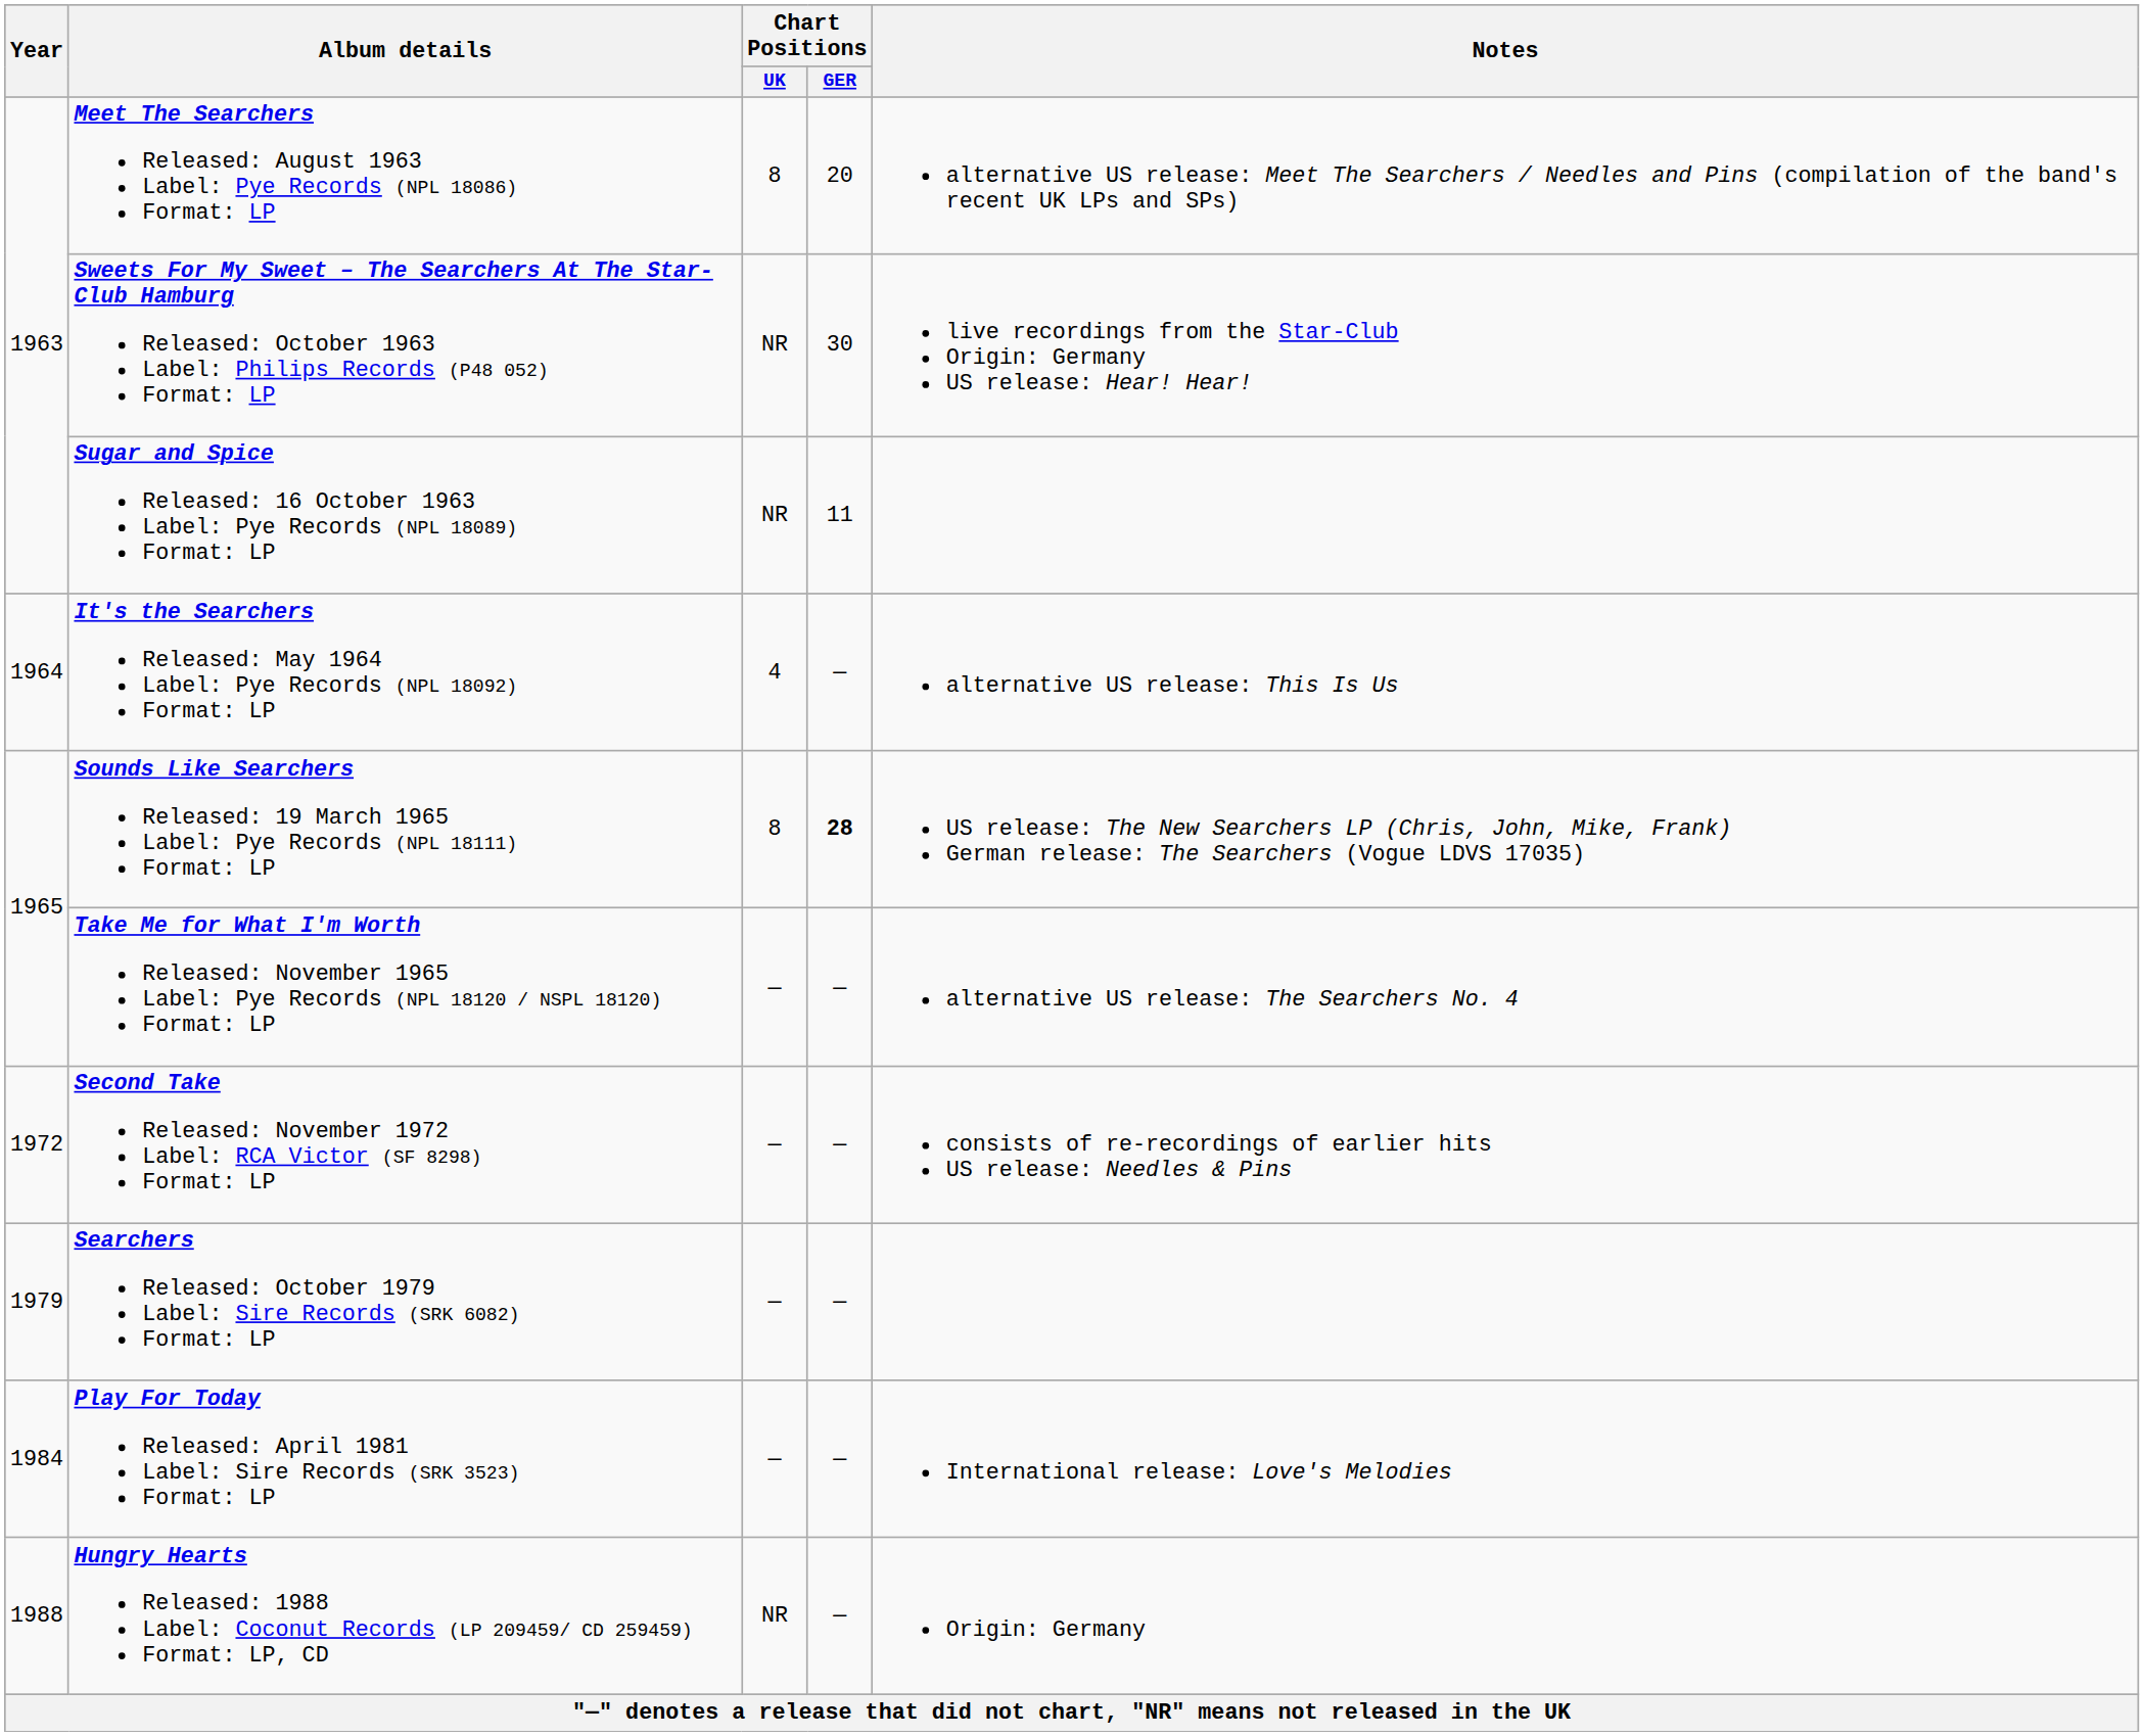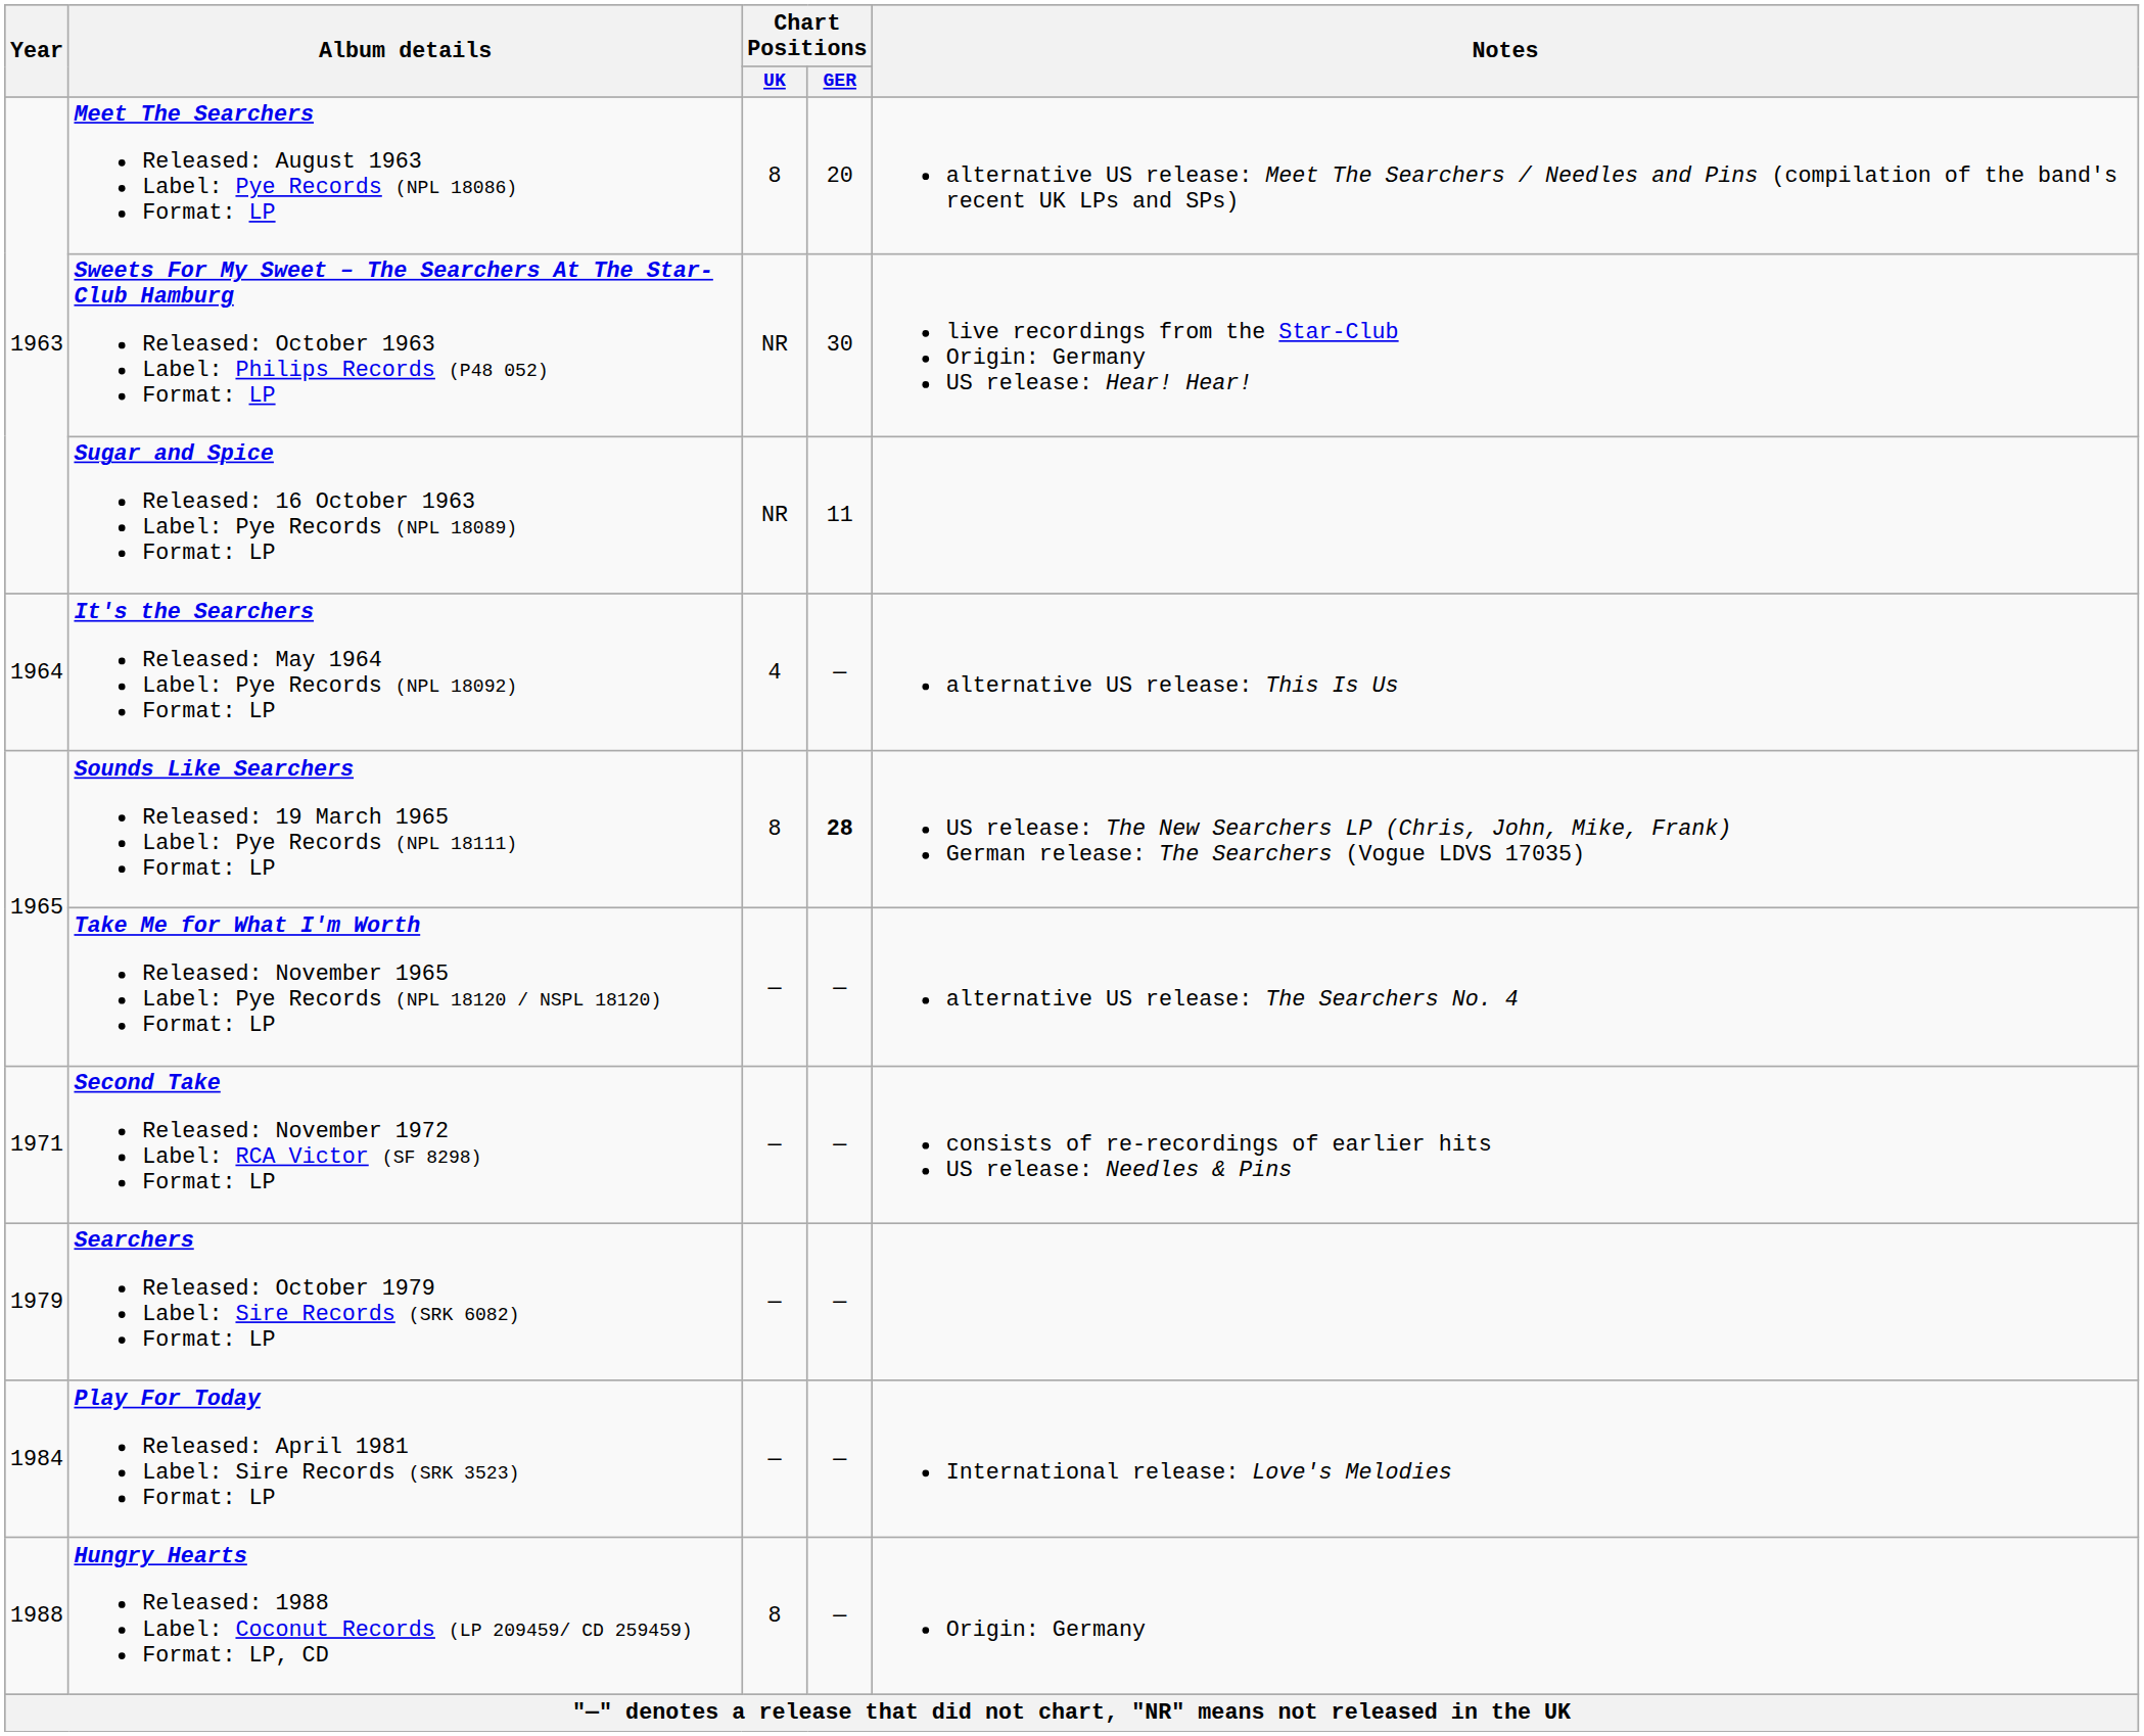 <table class="wikitable">
 <tr>
 <th rowspan=2>Year</th>
 <th rowspan=2>Album details</th>
 <th colspan=2>Chart Positions</th>
 <th rowspan=2>Notes</th>
 </tr>
 <tr style="font-size:smaller;">
 <th width="30"><a href='#'>UK</a><br></th>
 <th width="30"><a href='#'>GER</a><br></th>
 </tr>
 <tr>
 <td rowspan="3">1963</td>
 <td><strong><em><a href='#'>Meet The Searchers</a></em></strong><br><ul><li>Released: August 1963</li><li>Label: <a href='#'>Pye Records</a> <small>(NPL 18086)</small></li><li>Format: <a href='#'>LP</a></li></ul></td>
 <td align="center">8</td>
 <td align="center">20</td>
 <td><br><ul><li>alternative US release: <em>Meet The Searchers / Needles and Pins</em> (compilation of the band's recent UK LPs and SPs)</li></ul></td>
 </tr>
 <tr>
 <td><strong><em><a href='#'>Sweets For My Sweet – The Searchers At The Star-Club Hamburg</a></em></strong><br><ul><li>Released: October 1963</li><li>Label: <a href='#'>Philips Records</a> <small>(P48 052)</small></li><li>Format: <a href='#'>LP</a></li></ul></td>
 <td align="center">NR</td>
 <td align="center">30</td>
 <td><br><ul><li>live recordings from the <a href='#'>Star-Club</a></li><li>Origin: Germany</li><li>US release: <em>Hear! Hear!</em></li></ul></td>
 </tr>
 <tr>
 <td><strong><em><a href='#'>Sugar and Spice</a></em></strong><br><ul><li>Released: 16 October 1963</li><li>Label: Pye Records <small>(NPL 18089)</small></li><li>Format: LP</li></ul></td>
 <td align="center">NR</td>
 <td align="center">11</td>
 <td></td>
 </tr>
 <tr>
 <td>1964</td>
 <td><strong><em><a href='#'>It's the Searchers</a></em></strong><br><ul><li>Released: May 1964</li><li>Label: Pye Records <small>(NPL 18092)</small></li><li>Format: LP</li></ul></td>
 <td align="center">4</td>
 <td align="center">—</td>
 <td><br><ul><li>alternative US release: <em>This Is Us</em></li></ul></td>
 </tr>
 <tr>
 <td rowspan="2">1965</td>
 <td><strong><em><a href='#'>Sounds Like Searchers</a></em></strong><br><ul><li>Released: 19 March 1965</li><li>Label: Pye Records <small>(NPL 18111)</small></li><li>Format: LP</li></ul></td>
 <td align="center">8</td>
 <td align="center"><strong>28</strong></td>
 <td><br><ul><li>US release: <em>The New Searchers LP (Chris, John, Mike, Frank)</em></li><li>German release: <em>The Searchers</em> (Vogue LDVS 17035)</li></ul></td>
 </tr>
 <tr>
 <td><strong><em><a href='#'>Take Me for What I'm Worth</a></em></strong><br><ul><li>Released: November 1965</li><li>Label: Pye Records <small>(NPL 18120 / NSPL 18120)</small></li><li>Format: LP</li></ul></td>
 <td align="center">—</td>
 <td align="center">—</td>
 <td><br><ul><li>alternative US release: <em>The Searchers No. 4</em></li></ul></td>
 </tr>
 <tr>
-<td>1972</td>
+<td>1971</td>
 <td><strong><em><a href='#'>Second Take</a></em></strong><br><ul><li>Released: November 1972</li><li>Label: <a href='#'>RCA Victor</a> <small>(SF 8298)</small></li><li>Format: LP</li></ul></td>
 <td align="center">—</td>
 <td align="center">—</td>
 <td><br><ul><li>consists of re-recordings of earlier hits</li><li>US release: <em>Needles & Pins</em></li></ul></td>
 </tr>
 <tr>
 <td>1979</td>
 <td><strong><em><a href='#'>Searchers</a></em></strong><br><ul><li>Released: October 1979</li><li>Label: <a href='#'>Sire Records</a> <small>(SRK 6082)</small></li><li>Format: LP</li></ul></td>
 <td align="center">—</td>
 <td align="center">—</td>
 <td></td>
 </tr>
 <tr>
 <td>1984</td>
 <td><strong><em><a href='#'>Play For Today</a></em></strong><br><ul><li>Released: April 1981</li><li>Label: Sire Records <small>(SRK 3523)</small></li><li>Format: LP</li></ul></td>
 <td align="center">—</td>
 <td align="center">—</td>
 <td><br><ul><li>International release: <em>Love's Melodies</em></li></ul></td>
 </tr>
 <tr>
 <td>1988</td>
 <td><strong><em><a href='#'>Hungry Hearts</a></em></strong><br><ul><li>Released: 1988</li><li>Label: <a href='#'>Coconut Records</a> <small>(LP 209459/ CD 259459)</small></li><li>Format: LP, CD</li></ul></td>
-<td align="center">NR</td>
+<td align="center">8</td>
 <td align="center">—</td>
 <td><br><ul><li>Origin: Germany</li></ul></td>
 </tr>
 <tr>
 <th colspan="5">"—" denotes a release that did not chart, "NR" means not released in the UK</th>
 </tr>
 </table>
